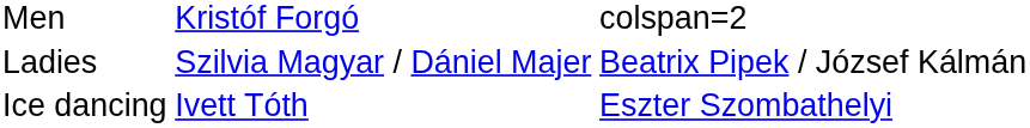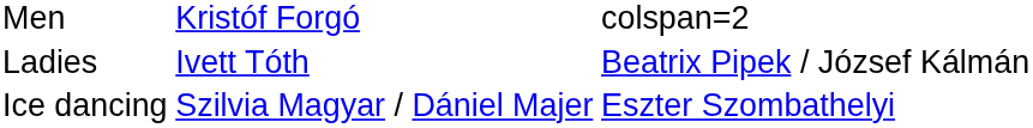 <table>
 <tr>
 <td>Men</td>
 <td><a href='#'>Kristóf Forgó</a></td>
 <td>colspan=2 </td>
 </tr>
 <tr>
 <td>Ladies</td>
-<td><a href='#'>Szilvia Magyar</a> / <a href='#'>Dániel Majer</a></td>
+<td><a href='#'>Ivett Tóth</a></td>
 <td><a href='#'>Beatrix Pipek</a> / József Kálmán</td>
 <td></td>
 </tr>
 <tr>
 <td>Ice dancing</td>
-<td><a href='#'>Ivett Tóth</a></td>
+<td><a href='#'>Szilvia Magyar</a> / <a href='#'>Dániel Majer</a></td>
 <td><a href='#'>Eszter Szombathelyi</a></td>
 <td></td>
 </tr>
 </table>
